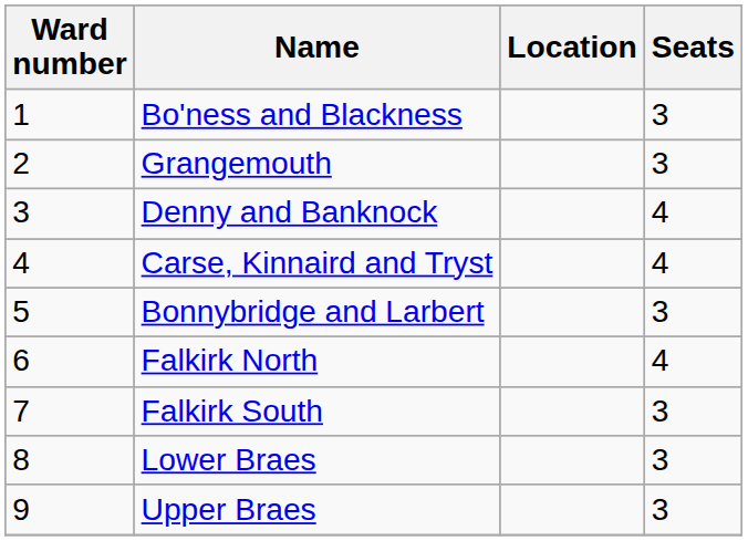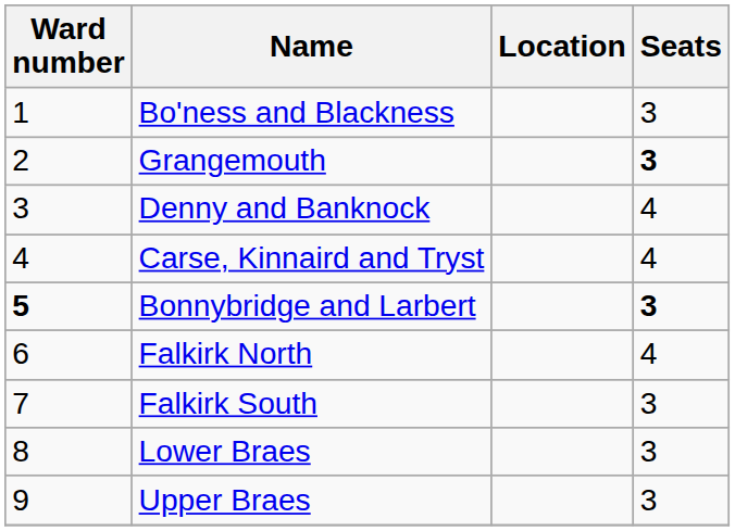 <table class="wikitable sortable">
 <tr>
 <th>Ward<br>number</th>
 <th>Name</th>
 <th>Location</th>
 <th>Seats</th>
 </tr>
 <tr>
 <td>1</td>
 <td><a href='#'>Bo'ness and Blackness</a></td>
 <td></td>
 <td>3</td>
 </tr>
 <tr>
 <td>2</td>
 <td><a href='#'>Grangemouth</a></td>
 <td></td>
-<td>3</td>
+<td><strong>3</strong></td>
 </tr>
 <tr>
 <td>3</td>
 <td><a href='#'>Denny and Banknock</a></td>
 <td></td>
 <td>4</td>
 </tr>
 <tr>
 <td>4</td>
 <td><a href='#'>Carse, Kinnaird and Tryst</a></td>
 <td></td>
 <td>4</td>
 </tr>
 <tr>
-<td>5</td>
+<td><strong>5</strong></td>
 <td><a href='#'>Bonnybridge and Larbert</a></td>
 <td></td>
-<td>3</td>
+<td><strong>3</strong></td>
 </tr>
 <tr>
 <td>6</td>
 <td><a href='#'>Falkirk North</a></td>
 <td></td>
 <td>4</td>
 </tr>
 <tr>
 <td>7</td>
 <td><a href='#'>Falkirk South</a></td>
 <td></td>
 <td>3</td>
 </tr>
 <tr>
 <td>8</td>
 <td><a href='#'>Lower Braes</a></td>
 <td></td>
 <td>3</td>
 </tr>
 <tr>
 <td>9</td>
 <td><a href='#'>Upper Braes</a></td>
 <td></td>
 <td>3</td>
 </tr>
 <tr>
 </tr>
 </table>
